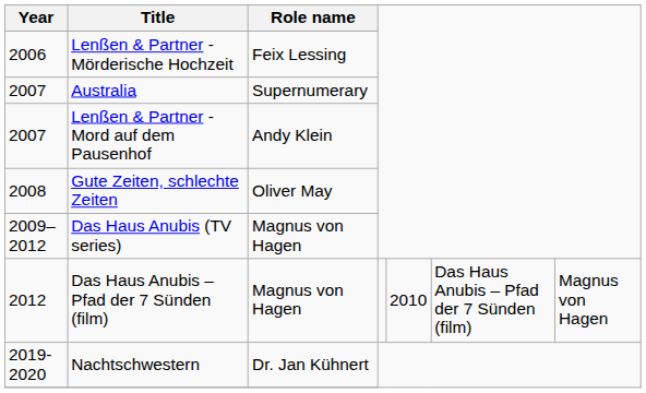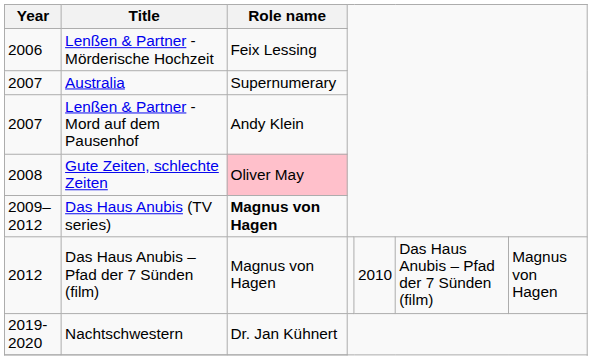 <table class="wikitable">
 <tr>
 <th>Year</th>
 <th>Title</th>
 <th>Role name</th>
 </tr>
 <tr>
 <td>2006</td>
 <td><a href='#'>Lenßen & Partner</a> - Mörderische Hochzeit</td>
 <td>Feix Lessing</td>
 </tr>
 <tr>
 <td>2007</td>
 <td><a href='#'>Australia</a></td>
 <td>Supernumerary</td>
 </tr>
 <tr>
 <td>2007</td>
 <td><a href='#'>Lenßen & Partner</a> - Mord auf dem Pausenhof</td>
 <td>Andy Klein</td>
 </tr>
 <tr>
 <td>2008</td>
 <td><a href='#'>Gute Zeiten, schlechte Zeiten</a></td>
-<td>Oliver May</td>
+<td style="background: pink;">Oliver May</td>
 </tr>
 <tr>
 <td>2009–2012</td>
 <td><a href='#'>Das Haus Anubis</a> (TV series)</td>
-<td>Magnus von Hagen</td>
+<td><strong>Magnus von Hagen</strong></td>
 </tr>
 <tr>
 <td>2012</td>
 <td>Das Haus Anubis – Pfad der 7 Sünden (film)</td>
 <td>Magnus von Hagen</td>
 <td></td>
 <td>2010</td>
 <td>Das Haus Anubis – Pfad der 7 Sünden (film)</td>
 <td>Magnus von Hagen</td>
 </tr>
 <tr>
 <td>2019-2020</td>
 <td>Nachtschwestern</td>
 <td>Dr. Jan Kühnert</td>
 </tr>
 <tr>
 </tr>
 </table>
